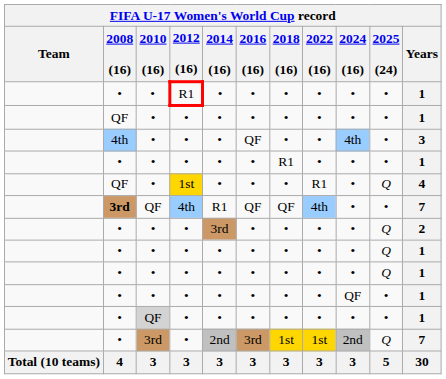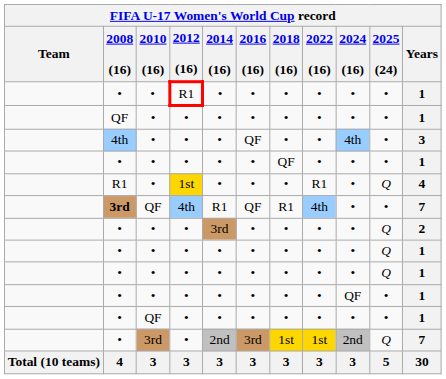 <table class="wikitable" style="text-align:center; font-size:85%;">
 <tr>
 <th colspan=11><a href='#'>FIFA U-17 Women's World Cup</a> record</th>
 </tr>
 <tr>
 <th>Team</th>
 <th><a href='#'>2008</a><br><br>(16)</th>
 <th><a href='#'>2010</a><br><br>(16)</th>
 <th><a href='#'>2012</a><br><br>(16)</th>
 <th><a href='#'>2014</a><br><br>(16)</th>
 <th><a href='#'>2016</a><br><br>(16)</th>
 <th><a href='#'>2018</a><br><br>(16)</th>
 <th><a href='#'>2022</a><br><br>(16)</th>
 <th><a href='#'>2024</a><br><br>(16)</th>
 <th><a href='#'>2025</a><br><br>(24)</th>
 <th>Years</th>
 </tr>
 <tr align=center>
 <td align=left></td>
 <td>•</td>
 <td>•</td>
 <td style="border: 3px solid red">R1</td>
 <td>•</td>
 <td>•</td>
 <td>•</td>
 <td>•</td>
 <td>•</td>
 <td>•</td>
 <th><strong>1</strong></th>
 </tr>
 <tr align=center>
 <td align=left></td>
 <td>QF</td>
 <td>•</td>
 <td>•</td>
 <td>•</td>
 <td>•</td>
 <td>•</td>
 <td>•</td>
 <td>•</td>
 <td>•</td>
 <th><strong>1</strong></th>
 </tr>
 <tr align=center>
 <td align=left></td>
 <td bgcolor=#9acdff>4th</td>
 <td>•</td>
 <td>•</td>
 <td>•</td>
 <td>QF</td>
 <td>•</td>
 <td>•</td>
 <td bgcolor=#9acdff>4th</td>
 <td>•</td>
 <th><strong>3</strong></th>
 </tr>
 <tr align=center>
 <td align=left></td>
 <td>•</td>
 <td>•</td>
 <td>•</td>
 <td>•</td>
 <td>•</td>
-<td>R1</td>
+<td>QF</td>
 <td>•</td>
 <td>•</td>
 <td>•</td>
 <th><strong>1</strong></th>
 </tr>
 <tr align=center>
 <td align=left></td>
-<td>QF</td>
+<td>R1</td>
 <td>•</td>
 <td bgcolor=gold>1st</td>
 <td>•</td>
 <td>•</td>
 <td>•</td>
 <td>R1</td>
 <td>•</td>
 <td><em>Q</em></td>
 <th><strong>4</strong></th>
 </tr>
 <tr align=center>
 <td align=left></td>
 <td bgcolor=#cc9966><strong>3rd</strong></td>
 <td>QF</td>
 <td bgcolor=#9acdff>4th</td>
 <td>R1</td>
 <td>QF</td>
-<td>QF</td>
+<td>R1</td>
 <td bgcolor=#9acdff>4th</td>
 <td>•</td>
 <td>•</td>
 <th><strong>7</strong></th>
 </tr>
 <tr align=center>
 <td align=left></td>
 <td>•</td>
 <td>•</td>
 <td>•</td>
 <td bgcolor=#cc9966>3rd</td>
 <td>•</td>
 <td>•</td>
 <td>•</td>
 <td>•</td>
 <td><em>Q</em></td>
 <th><strong>2</strong></th>
 </tr>
 <tr align=center>
 <td align=left></td>
 <td>•</td>
 <td>•</td>
 <td>•</td>
 <td>•</td>
 <td>•</td>
 <td>•</td>
 <td>•</td>
 <td>•</td>
 <td><em>Q</em></td>
 <th><strong>1</strong></th>
 </tr>
 <tr align=center>
 <td align=left></td>
 <td>•</td>
 <td>•</td>
 <td>•</td>
 <td>•</td>
 <td>•</td>
 <td>•</td>
 <td>•</td>
 <td>•</td>
 <td><em>Q</em></td>
 <th><strong>1</strong></th>
 </tr>
 <tr align=center>
 <td align=left></td>
 <td>•</td>
 <td>•</td>
 <td>•</td>
 <td>•</td>
 <td>•</td>
 <td>•</td>
 <td>•</td>
 <td>QF</td>
 <td>•</td>
 <th><strong>1</strong></th>
 </tr>
 <tr align=center>
 <td align=left></td>
 <td>•</td>
-<td style="background: lightgrey;">QF</td>
+<td>QF</td>
 <td>•</td>
 <td>•</td>
 <td>•</td>
 <td>•</td>
 <td>•</td>
 <td>•</td>
 <td>•</td>
 <th><strong>1</strong></th>
 </tr>
 <tr align=center>
 <td align=left></td>
 <td>•</td>
 <td bgcolor=#cc9966>3rd</td>
 <td>•</td>
 <td bgcolor=silver>2nd</td>
 <td bgcolor=#cc9966>3rd</td>
 <td bgcolor=gold>1st</td>
 <td bgcolor=gold>1st</td>
 <td bgcolor=silver>2nd</td>
 <td><em>Q</em></td>
 <th><strong>7</strong></th>
 </tr>
 <tr>
 <th align=left>Total (10 teams)</th>
 <th>4</th>
 <th>3</th>
 <th>3</th>
 <th>3</th>
 <th>3</th>
 <th>3</th>
 <th>3</th>
 <th>3</th>
 <th>5</th>
 <th>30</th>
 </tr>
 </table>
